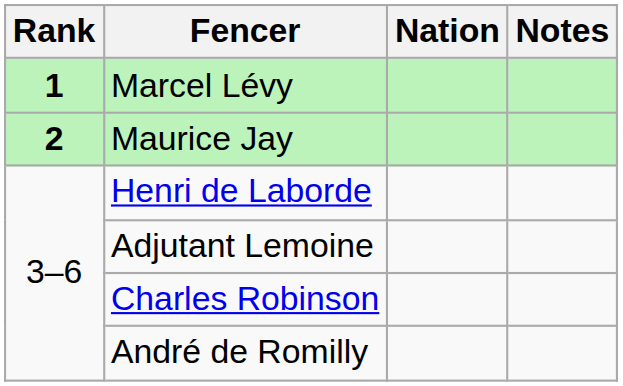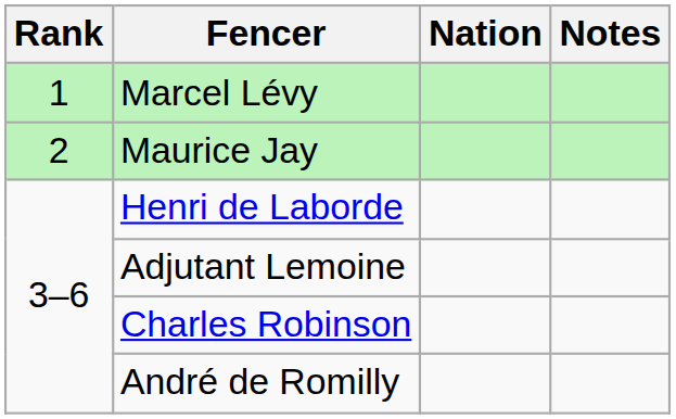 <table class="wikitable sortable" style="text-align:center">
 <tr>
 <th>Rank</th>
 <th>Fencer</th>
 <th>Nation</th>
 <th>Notes</th>
 </tr>
 <tr bgcolor=bbf3bb>
-<td><strong>1</strong></td>
+<td>1</td>
 <td align=left>Marcel Lévy</td>
 <td align=left></td>
 <td></td>
 </tr>
 <tr bgcolor=bbf3bb>
-<td><strong>2</strong></td>
+<td>2</td>
 <td align=left>Maurice Jay</td>
 <td align=left></td>
 <td></td>
 </tr>
 <tr>
 <td rowspan=4 align=center>3–6</td>
 <td align=left><a href='#'>Henri de Laborde</a></td>
 <td align=left></td>
 <td></td>
 </tr>
 <tr>
 <td align=left>Adjutant Lemoine</td>
 <td align=left></td>
 <td></td>
 </tr>
 <tr>
 <td align=left><a href='#'>Charles Robinson</a></td>
 <td align=left></td>
 <td></td>
 </tr>
 <tr>
 <td align=left>André de Romilly</td>
 <td align=left></td>
 <td></td>
 </tr>
 </table>
